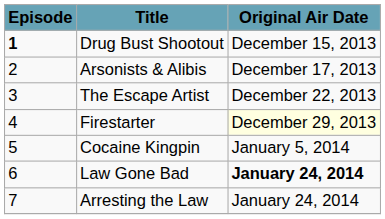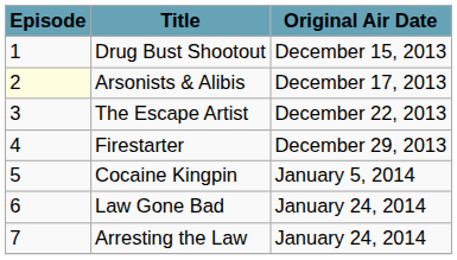 <table class="wikitable plainrowheaders">
 <tr style="color:black">
 <th style="background:#66A3B6;">Episode</th>
 <th style="background:#66A3B6;">Title</th>
 <th style="background:#66A3B6;">Original Air Date</th>
 </tr>
 <tr>
-<td><strong>1</strong></td>
+<td>1</td>
 <td>Drug Bust Shootout</td>
 <td>December 15, 2013</td>
 </tr>
 <tr>
-<td>2</td>
+<td style="background: lightyellow;">2</td>
 <td>Arsonists & Alibis</td>
 <td>December 17, 2013</td>
 </tr>
 <tr>
 <td>3</td>
 <td>The Escape Artist</td>
 <td>December 22, 2013</td>
 </tr>
 <tr>
 <td>4</td>
 <td>Firestarter</td>
-<td style="background: lightyellow;">December 29, 2013</td>
+<td>December 29, 2013</td>
 </tr>
 <tr>
 <td>5</td>
 <td>Cocaine Kingpin</td>
 <td>January 5, 2014</td>
 </tr>
 <tr>
 <td>6</td>
 <td>Law Gone Bad</td>
-<td><strong>January 24, 2014</strong></td>
+<td>January 24, 2014</td>
 </tr>
 <tr>
 <td>7</td>
 <td>Arresting the Law</td>
 <td>January 24, 2014</td>
 </tr>
 <tr>
 </tr>
 </table>
